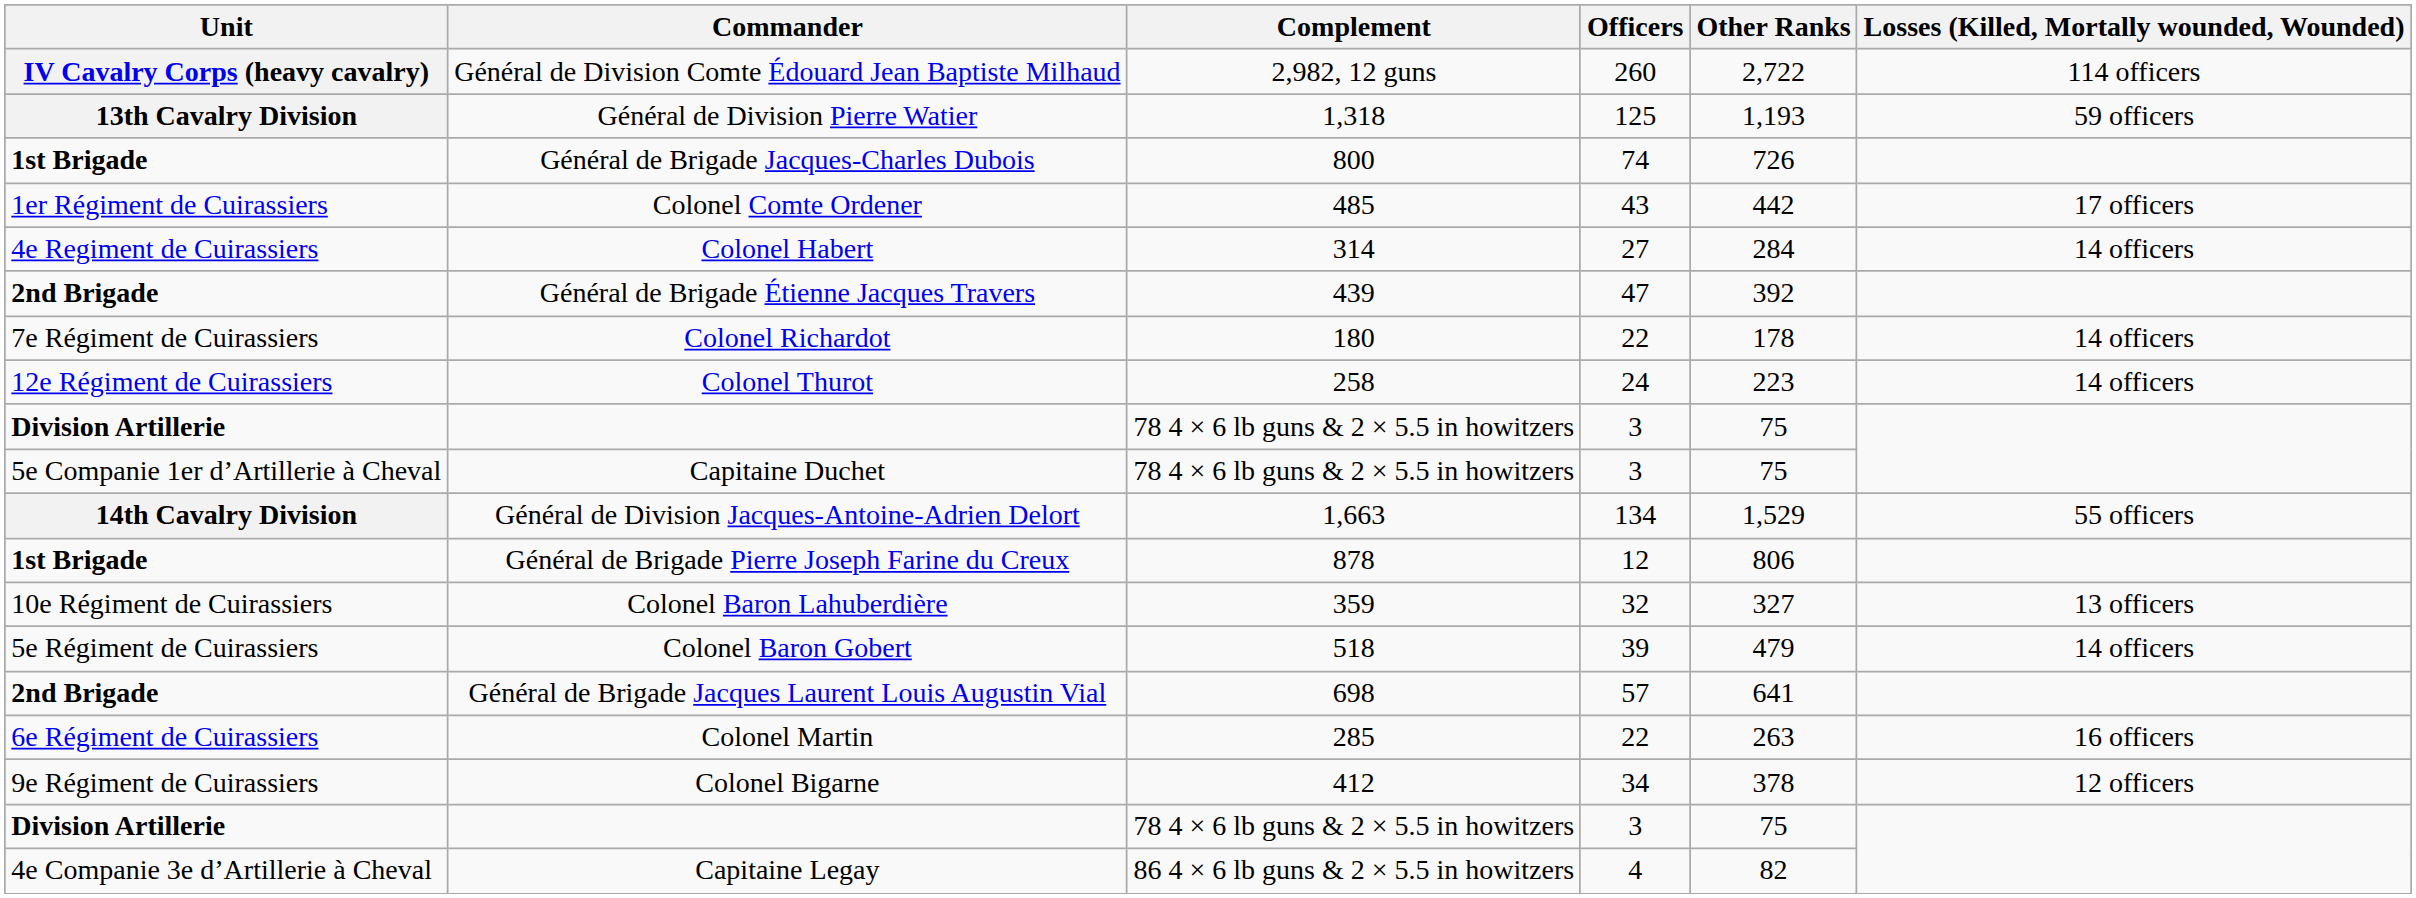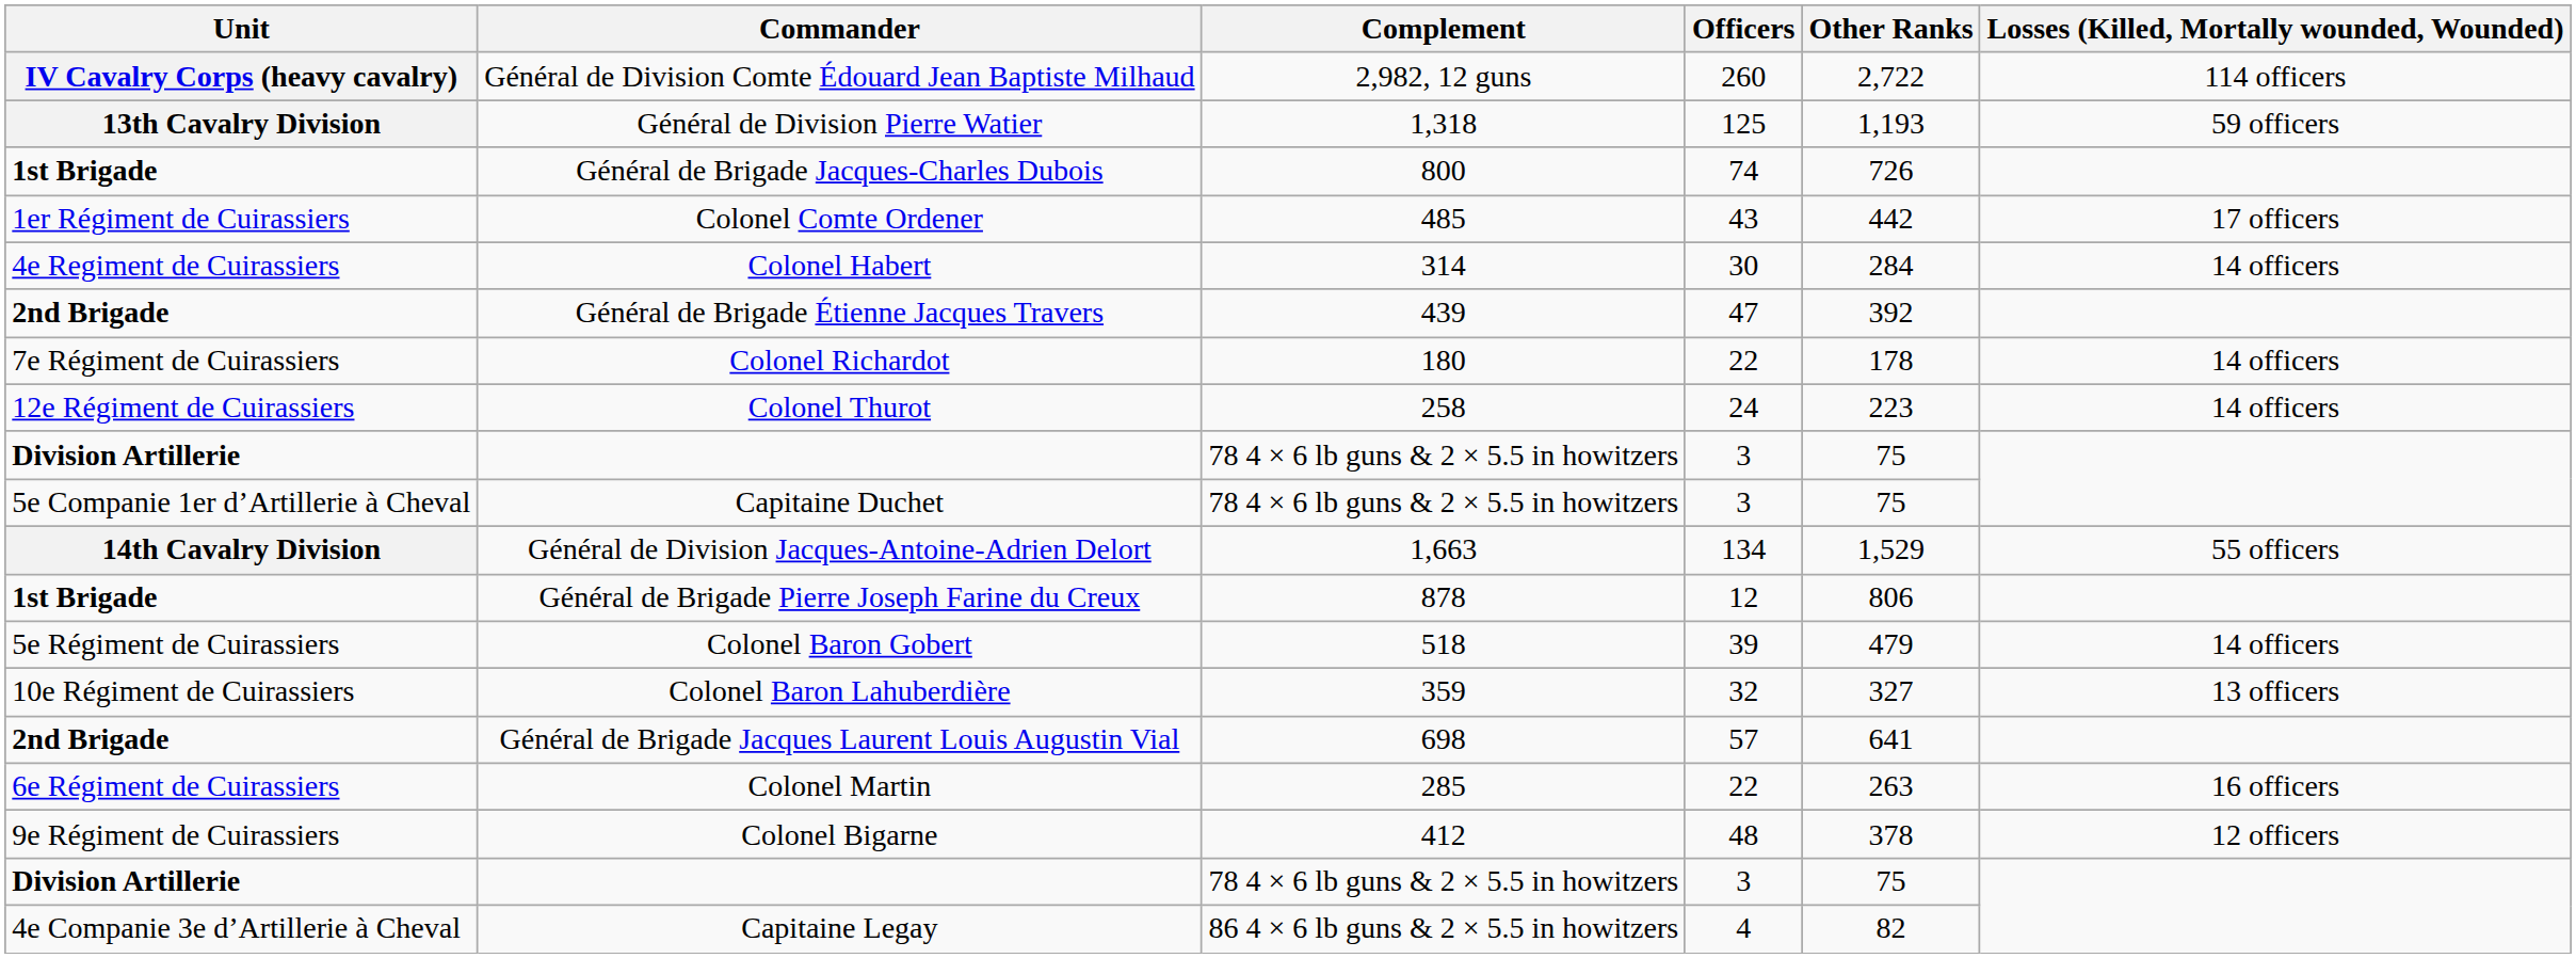 <table class="wikitable">
 <tr>
 <th>Unit</th>
 <th>Commander</th>
 <th>Complement</th>
 <th>Officers</th>
 <th>Other Ranks</th>
 <th>Losses (Killed, Mortally wounded, Wounded)</th>
 </tr>
 <tr>
 <th colspan="1" bgcolor="#f9f9f9;"><a href='#'>IV Cavalry Corps</a> (heavy cavalry)</th>
 <td align="center">Général de Division Comte <a href='#'>Édouard Jean Baptiste Milhaud</a></td>
 <td align="center">2,982, 12 guns</td>
 <td align="center">260</td>
 <td align="center">2,722</td>
 <td align="center">114 officers</td>
 </tr>
 <tr>
 <th colspan="1" bgcolor="#f9f9f9;">13th Cavalry Division</th>
 <td align="center">Général de Division <a href='#'>Pierre Watier</a></td>
 <td align="center">1,318</td>
 <td align="center">125</td>
 <td align="center">1,193</td>
 <td align="center">59 officers</td>
 </tr>
 <tr>
 <td><strong>1st Brigade</strong></td>
 <td align="center">Général de Brigade <a href='#'>Jacques-Charles Dubois</a></td>
 <td align="center">800</td>
 <td align="center">74</td>
 <td align="center">726</td>
 </tr>
 <tr>
 <td><a href='#'>1er Régiment de Cuirassiers</a></td>
 <td align="center">Colonel <a href='#'>Comte Ordener</a></td>
 <td align="center">485</td>
 <td align="center">43</td>
 <td align="center">442</td>
 <td align="center">17 officers</td>
 </tr>
 <tr>
 <td><a href='#'>4e Regiment de Cuirassiers</a></td>
 <td align="center"><a href='#'>Colonel Habert</a></td>
 <td align="center">314</td>
-<td align="center">27</td>
+<td align="center">30</td>
 <td align="center">284</td>
 <td align="center">14 officers</td>
 </tr>
 <tr>
 <td><strong>2nd Brigade</strong></td>
 <td align="center">Général de Brigade <a href='#'>Étienne Jacques Travers</a></td>
 <td align="center">439</td>
 <td align="center">47</td>
 <td align="center">392</td>
 </tr>
 <tr>
 <td>7e Régiment de Cuirassiers</td>
 <td align="center"><a href='#'>Colonel Richardot</a></td>
 <td align="center">180</td>
 <td align="center">22</td>
 <td align="center">178</td>
 <td align="center">14 officers</td>
 </tr>
 <tr>
 <td><a href='#'>12e Régiment de Cuirassiers</a></td>
 <td align="center"><a href='#'>Colonel Thurot</a></td>
 <td align="center">258</td>
 <td align="center">24</td>
 <td align="center">223</td>
 <td align="center">14 officers</td>
 </tr>
 <tr>
 <td><strong>Division Artillerie</strong></td>
 <td align="center"></td>
 <td align="center">78 4 × 6 lb guns & 2 × 5.5 in howitzers</td>
 <td align="center">3</td>
 <td align="center">75</td>
 </tr>
 <tr>
 <td>5e Companie 1er d’Artillerie à Cheval</td>
 <td align="center">Capitaine Duchet</td>
 <td align="center">78 4 × 6 lb guns & 2 × 5.5 in howitzers</td>
 <td align="center">3</td>
 <td align="center">75</td>
 </tr>
 <tr>
 <th colspan="1" bgcolor="#f9f9f9;">14th Cavalry Division</th>
 <td align="center">Général de Division <a href='#'>Jacques-Antoine-Adrien Delort</a></td>
 <td align="center">1,663</td>
 <td align="center">134</td>
 <td align="center">1,529</td>
 <td align="center">55 officers</td>
 </tr>
 <tr>
 <td><strong>1st Brigade</strong></td>
 <td align="center">Général de Brigade <a href='#'>Pierre Joseph Farine du Creux</a></td>
 <td align="center">878</td>
 <td align="center">12</td>
 <td align="center">806</td>
 </tr>
 <tr>
+<td>5e Régiment de Cuirassiers</td>
+<td align="center">Colonel <a href='#'>Baron Gobert</a></td>
+<td align="center">518</td>
+<td align="center">39</td>
+<td align="center">479</td>
+<td align="center">14 officers</td>
+</tr>
+<tr>
 <td>10e Régiment de Cuirassiers</td>
 <td align="center">Colonel <a href='#'>Baron Lahuberdière</a></td>
 <td align="center">359</td>
 <td align="center">32</td>
 <td align="center">327</td>
 <td align="center">13 officers</td>
-</tr>
-<tr>
-<td>5e Régiment de Cuirassiers</td>
-<td align="center">Colonel <a href='#'>Baron Gobert</a></td>
-<td align="center">518</td>
-<td align="center">39</td>
-<td align="center">479</td>
-<td align="center">14 officers</td>
 </tr>
 <tr>
 <td><strong>2nd Brigade</strong></td>
 <td align="center">Général de Brigade <a href='#'>Jacques Laurent Louis Augustin Vial</a></td>
 <td align="center">698</td>
 <td align="center">57</td>
 <td align="center">641</td>
 </tr>
 <tr>
 <td><a href='#'>6e Régiment de Cuirassiers</a></td>
 <td align="center">Colonel Martin</td>
 <td align="center">285</td>
 <td align="center">22</td>
 <td align="center">263</td>
 <td align="center">16 officers</td>
 </tr>
 <tr>
 <td>9e Régiment de Cuirassiers</td>
 <td align="center">Colonel Bigarne</td>
 <td align="center">412</td>
-<td align="center">34</td>
+<td align="center">48</td>
 <td align="center">378</td>
 <td align="center">12 officers</td>
 </tr>
 <tr>
 <td><strong>Division Artillerie</strong></td>
 <td align="center"></td>
 <td align="center">78 4 × 6 lb guns & 2 × 5.5 in howitzers</td>
 <td align="center">3</td>
 <td align="center">75</td>
 </tr>
 <tr>
 <td>4e Companie 3e d’Artillerie à Cheval</td>
 <td align="center">Capitaine Legay</td>
 <td align="center">86 4 × 6 lb guns & 2 × 5.5 in howitzers</td>
 <td align="center">4</td>
 <td align="center">82</td>
 </tr>
 </table>
